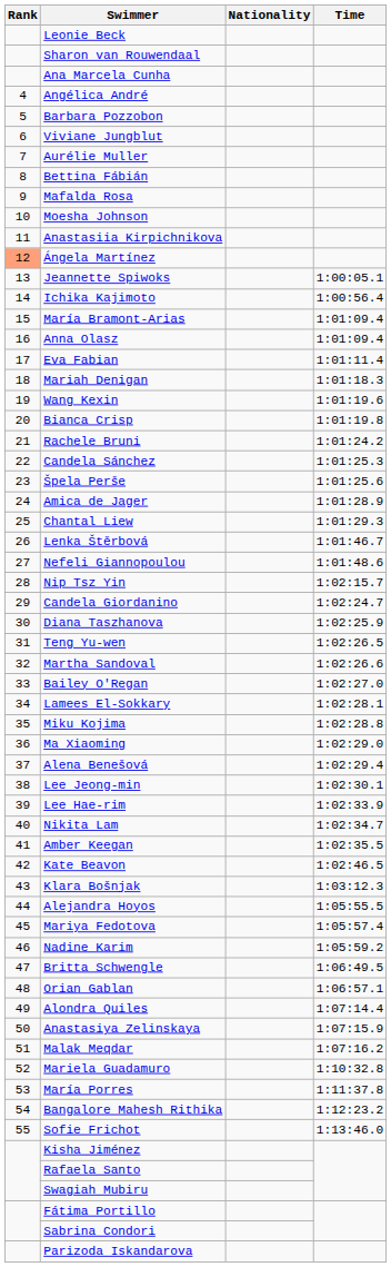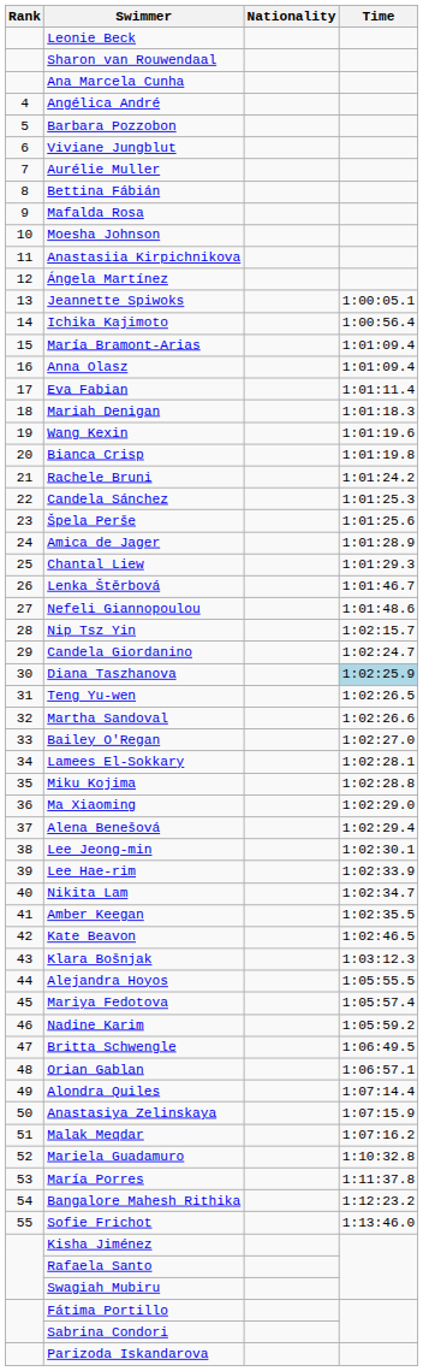 <table class="wikitable sortable" style="text-align:center">
 <tr>
 <th>Rank</th>
 <th>Swimmer</th>
 <th>Nationality</th>
 <th>Time</th>
 </tr>
 <tr>
 <td></td>
 <td align=left><a href='#'>Leonie Beck</a></td>
 <td align=left></td>
 <td></td>
 </tr>
 <tr>
 <td></td>
 <td align=left><a href='#'>Sharon van Rouwendaal</a></td>
 <td align=left></td>
 <td></td>
 </tr>
 <tr>
 <td></td>
 <td align=left><a href='#'>Ana Marcela Cunha</a></td>
 <td align=left></td>
 <td></td>
 </tr>
 <tr>
 <td>4</td>
 <td align=left><a href='#'>Angélica André</a></td>
 <td align=left></td>
 <td></td>
 </tr>
 <tr>
 <td>5</td>
 <td align=left><a href='#'>Barbara Pozzobon</a></td>
 <td align=left></td>
 <td></td>
 </tr>
 <tr>
 <td>6</td>
 <td align=left><a href='#'>Viviane Jungblut</a></td>
 <td align=left></td>
 <td></td>
 </tr>
 <tr>
 <td>7</td>
 <td align=left><a href='#'>Aurélie Muller</a></td>
 <td align=left></td>
 <td></td>
 </tr>
 <tr>
 <td>8</td>
 <td align=left><a href='#'>Bettina Fábián</a></td>
 <td align=left></td>
 <td></td>
 </tr>
 <tr>
 <td>9</td>
 <td align=left><a href='#'>Mafalda Rosa</a></td>
 <td align=left></td>
 <td></td>
 </tr>
 <tr>
 <td>10</td>
 <td align=left><a href='#'>Moesha Johnson</a></td>
 <td align=left></td>
 <td></td>
 </tr>
 <tr>
 <td>11</td>
 <td align=left><a href='#'>Anastasiia Kirpichnikova</a></td>
 <td align=left></td>
 <td></td>
 </tr>
 <tr>
-<td style="background: lightsalmon;">12</td>
+<td>12</td>
 <td align=left><a href='#'>Ángela Martínez</a></td>
 <td align=left></td>
 <td></td>
 </tr>
 <tr>
 <td>13</td>
 <td align=left><a href='#'>Jeannette Spiwoks</a></td>
 <td align=left></td>
 <td>1:00:05.1</td>
 </tr>
 <tr>
 <td>14</td>
 <td align=left><a href='#'>Ichika Kajimoto</a></td>
 <td align=left></td>
 <td>1:00:56.4</td>
 </tr>
 <tr>
 <td>15</td>
 <td align=left><a href='#'>María Bramont-Arias</a></td>
 <td align=left></td>
 <td>1:01:09.4</td>
 </tr>
 <tr>
 <td>16</td>
 <td align=left><a href='#'>Anna Olasz</a></td>
 <td align=left></td>
 <td>1:01:09.4</td>
 </tr>
 <tr>
 <td>17</td>
 <td align=left><a href='#'>Eva Fabian</a></td>
 <td align=left></td>
 <td>1:01:11.4</td>
 </tr>
 <tr>
 <td>18</td>
 <td align=left><a href='#'>Mariah Denigan</a></td>
 <td align=left></td>
 <td>1:01:18.3</td>
 </tr>
 <tr>
 <td>19</td>
 <td align=left><a href='#'>Wang Kexin</a></td>
 <td align=left></td>
 <td>1:01:19.6</td>
 </tr>
 <tr>
 <td>20</td>
 <td align=left><a href='#'>Bianca Crisp</a></td>
 <td align=left></td>
 <td>1:01:19.8</td>
 </tr>
 <tr>
 <td>21</td>
 <td align=left><a href='#'>Rachele Bruni</a></td>
 <td align=left></td>
 <td>1:01:24.2</td>
 </tr>
 <tr>
 <td>22</td>
 <td align=left><a href='#'>Candela Sánchez</a></td>
 <td align=left></td>
 <td>1:01:25.3</td>
 </tr>
 <tr>
 <td>23</td>
 <td align=left><a href='#'>Špela Perše</a></td>
 <td align=left></td>
 <td>1:01:25.6</td>
 </tr>
 <tr>
 <td>24</td>
 <td align=left><a href='#'>Amica de Jager</a></td>
 <td align=left></td>
 <td>1:01:28.9</td>
 </tr>
 <tr>
 <td>25</td>
 <td align=left><a href='#'>Chantal Liew</a></td>
 <td align=left></td>
 <td>1:01:29.3</td>
 </tr>
 <tr>
 <td>26</td>
 <td align=left><a href='#'>Lenka Štěrbová</a></td>
 <td align=left></td>
 <td>1:01:46.7</td>
 </tr>
 <tr>
 <td>27</td>
 <td align=left><a href='#'>Nefeli Giannopoulou</a></td>
 <td align=left></td>
 <td>1:01:48.6</td>
 </tr>
 <tr>
 <td>28</td>
 <td align=left><a href='#'>Nip Tsz Yin</a></td>
 <td align=left></td>
 <td>1:02:15.7</td>
 </tr>
 <tr>
 <td>29</td>
 <td align=left><a href='#'>Candela Giordanino</a></td>
 <td align=left></td>
 <td>1:02:24.7</td>
 </tr>
 <tr>
 <td>30</td>
 <td align=left><a href='#'>Diana Taszhanova</a></td>
 <td align=left></td>
-<td>1:02:25.9</td>
+<td style="background: lightblue;">1:02:25.9</td>
 </tr>
 <tr>
 <td>31</td>
 <td align=left><a href='#'>Teng Yu-wen</a></td>
 <td align=left></td>
 <td>1:02:26.5</td>
 </tr>
 <tr>
 <td>32</td>
 <td align=left><a href='#'>Martha Sandoval</a></td>
 <td align=left></td>
 <td>1:02:26.6</td>
 </tr>
 <tr>
 <td>33</td>
 <td align=left><a href='#'>Bailey O'Regan</a></td>
 <td align=left></td>
 <td>1:02:27.0</td>
 </tr>
 <tr>
 <td>34</td>
 <td align=left><a href='#'>Lamees El-Sokkary</a></td>
 <td align=left></td>
 <td>1:02:28.1</td>
 </tr>
 <tr>
 <td>35</td>
 <td align=left><a href='#'>Miku Kojima</a></td>
 <td align=left></td>
 <td>1:02:28.8</td>
 </tr>
 <tr>
 <td>36</td>
 <td align=left><a href='#'>Ma Xiaoming</a></td>
 <td align=left></td>
 <td>1:02:29.0</td>
 </tr>
 <tr>
 <td>37</td>
 <td align=left><a href='#'>Alena Benešová</a></td>
 <td align=left></td>
 <td>1:02:29.4</td>
 </tr>
 <tr>
 <td>38</td>
 <td align=left><a href='#'>Lee Jeong-min</a></td>
 <td align=left></td>
 <td>1:02:30.1</td>
 </tr>
 <tr>
 <td>39</td>
 <td align=left><a href='#'>Lee Hae-rim</a></td>
 <td align=left></td>
 <td>1:02:33.9</td>
 </tr>
 <tr>
 <td>40</td>
 <td align=left><a href='#'>Nikita Lam</a></td>
 <td align=left></td>
 <td>1:02:34.7</td>
 </tr>
 <tr>
 <td>41</td>
 <td align=left><a href='#'>Amber Keegan</a></td>
 <td align=left></td>
 <td>1:02:35.5</td>
 </tr>
 <tr>
 <td>42</td>
 <td align=left><a href='#'>Kate Beavon</a></td>
 <td align=left></td>
 <td>1:02:46.5</td>
 </tr>
 <tr>
 <td>43</td>
 <td align=left><a href='#'>Klara Bošnjak</a></td>
 <td align=left></td>
 <td>1:03:12.3</td>
 </tr>
 <tr>
 <td>44</td>
 <td align=left><a href='#'>Alejandra Hoyos</a></td>
 <td align=left></td>
 <td>1:05:55.5</td>
 </tr>
 <tr>
 <td>45</td>
 <td align=left><a href='#'>Mariya Fedotova</a></td>
 <td align=left></td>
 <td>1:05:57.4</td>
 </tr>
 <tr>
 <td>46</td>
 <td align=left><a href='#'>Nadine Karim</a></td>
 <td align=left></td>
 <td>1:05:59.2</td>
 </tr>
 <tr>
 <td>47</td>
 <td align=left><a href='#'>Britta Schwengle</a></td>
 <td align=left></td>
 <td>1:06:49.5</td>
 </tr>
 <tr>
 <td>48</td>
 <td align=left><a href='#'>Orian Gablan</a></td>
 <td align=left></td>
 <td>1:06:57.1</td>
 </tr>
 <tr>
 <td>49</td>
 <td align=left><a href='#'>Alondra Quiles</a></td>
 <td align=left></td>
 <td>1:07:14.4</td>
 </tr>
 <tr>
 <td>50</td>
 <td align=left><a href='#'>Anastasiya Zelinskaya</a></td>
 <td align=left></td>
 <td>1:07:15.9</td>
 </tr>
 <tr>
 <td>51</td>
 <td align=left><a href='#'>Malak Meqdar</a></td>
 <td align=left></td>
 <td>1:07:16.2</td>
 </tr>
 <tr>
 <td>52</td>
 <td align=left><a href='#'>Mariela Guadamuro</a></td>
 <td align=left></td>
 <td>1:10:32.8</td>
 </tr>
 <tr>
 <td>53</td>
 <td align=left><a href='#'>María Porres</a></td>
 <td align=left></td>
 <td>1:11:37.8</td>
 </tr>
 <tr>
 <td>54</td>
 <td align=left><a href='#'>Bangalore Mahesh Rithika</a></td>
 <td align=left></td>
 <td>1:12:23.2</td>
 </tr>
 <tr>
 <td>55</td>
 <td align=left><a href='#'>Sofie Frichot</a></td>
 <td align=left></td>
 <td>1:13:46.0</td>
 </tr>
 <tr>
 <td rowspan=3></td>
 <td align=left><a href='#'>Kisha Jiménez</a></td>
 <td align=left></td>
 <td rowspan=3></td>
 </tr>
 <tr>
 <td align=left><a href='#'>Rafaela Santo</a></td>
 <td align=left></td>
 </tr>
 <tr>
 <td align=left><a href='#'>Swagiah Mubiru</a></td>
 <td align=left></td>
 </tr>
 <tr>
 <td rowspan=2></td>
 <td align=left><a href='#'>Fátima Portillo</a></td>
 <td align=left></td>
 <td rowspan=2></td>
 </tr>
 <tr>
 <td align=left><a href='#'>Sabrina Condori</a></td>
 <td align=left></td>
 </tr>
 <tr>
 <td></td>
 <td align=left><a href='#'>Parizoda Iskandarova</a></td>
 <td align=left></td>
 <td></td>
 </tr>
 </table>
